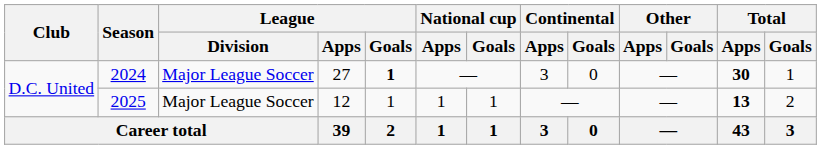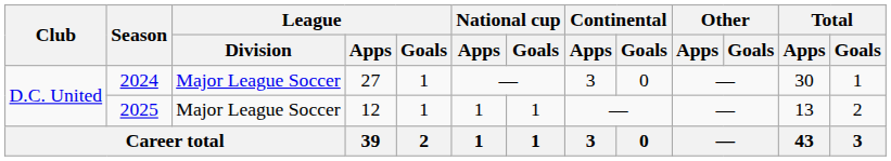 <table class="wikitable" style="text-align:center">
 <tr>
 <th rowspan="2">Club</th>
 <th rowspan="2">Season</th>
 <th colspan="3">League</th>
 <th colspan="2">National cup</th>
 <th colspan="2">Continental</th>
 <th colspan="2">Other</th>
 <th colspan="2">Total</th>
 </tr>
 <tr>
 <th>Division</th>
 <th>Apps</th>
 <th>Goals</th>
 <th>Apps</th>
 <th>Goals</th>
 <th>Apps</th>
 <th>Goals</th>
 <th>Apps</th>
 <th>Goals</th>
 <th>Apps</th>
 <th>Goals</th>
 </tr>
 <tr>
 <td rowspan="2"><a href='#'>D.C. United</a></td>
 <td><a href='#'>2024</a></td>
 <td><a href='#'>Major League Soccer</a></td>
 <td>27</td>
-<td><strong>1</strong></td>
+<td>1</td>
 <td colspan="2">—</td>
 <td>3</td>
 <td>0</td>
 <td colspan="2">—</td>
-<td><strong>30</strong></td>
+<td>30</td>
 <td>1</td>
 </tr>
 <tr>
 <td><a href='#'>2025</a></td>
 <td>Major League Soccer</td>
 <td>12</td>
 <td>1</td>
 <td>1</td>
 <td>1</td>
 <td colspan="2">—</td>
 <td colspan="2">—</td>
-<td><strong>13</strong></td>
+<td>13</td>
 <td>2</td>
 </tr>
 <tr>
 <th colspan="3">Career total</th>
 <th>39</th>
 <th>2</th>
 <th>1</th>
 <th>1</th>
 <th>3</th>
 <th>0</th>
 <th colspan="2">—</th>
 <th>43</th>
 <th>3</th>
 </tr>
 </table>
